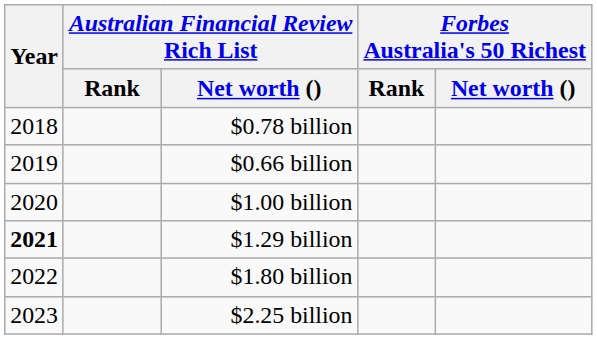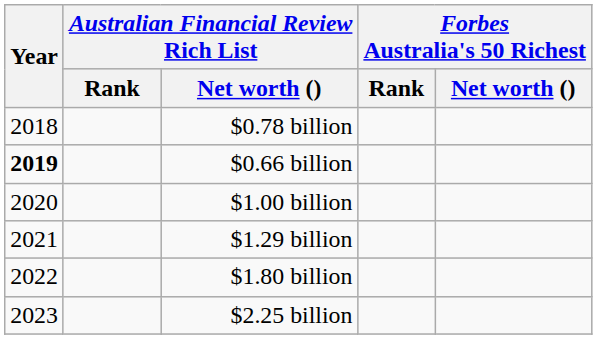 <table class="wikitable">
 <tr>
 <th rowspan=2>Year</th>
 <th colspan="2"><em><a href='#'>Australian Financial Review</a></em><br><a href='#'>Rich List</a></th>
 <th colspan="2"><em><a href='#'>Forbes</a></em><br><a href='#'>Australia's 50 Richest</a></th>
 </tr>
 <tr>
 <th>Rank</th>
 <th><a href='#'>Net worth</a> ()</th>
 <th>Rank</th>
 <th><a href='#'>Net worth</a> ()</th>
 </tr>
 <tr>
 <td>2018</td>
 <td style="text-align:center;"> </td>
 <td style="text-align:right;">$0.78 billion </td>
 <td align="center"></td>
 <td align="right"></td>
 </tr>
 <tr>
-<td>2019</td>
+<td><strong>2019</strong></td>
 <td align="center"></td>
 <td align="right">$0.66 billion </td>
 <td align="center"></td>
 <td align="right"></td>
 </tr>
 <tr>
 <td>2020</td>
 <td align="center"></td>
 <td align="right">$1.00 billion </td>
 <td align="center"></td>
 <td align="right"></td>
 </tr>
 <tr>
-<td><strong>2021</strong></td>
+<td>2021</td>
 <td align="center"></td>
 <td align="right">$1.29 billion </td>
 <td align="center"></td>
 <td align="right"></td>
 </tr>
 <tr>
 <td>2022</td>
 <td align="center"></td>
 <td align="right">$1.80 billion </td>
 <td align="center"></td>
 <td align="right"></td>
 </tr>
 <tr>
 <td>2023</td>
 <td align="center"></td>
 <td align="right">$2.25 billion </td>
 <td align="center"></td>
 <td align="right"></td>
 </tr>
 </table>
